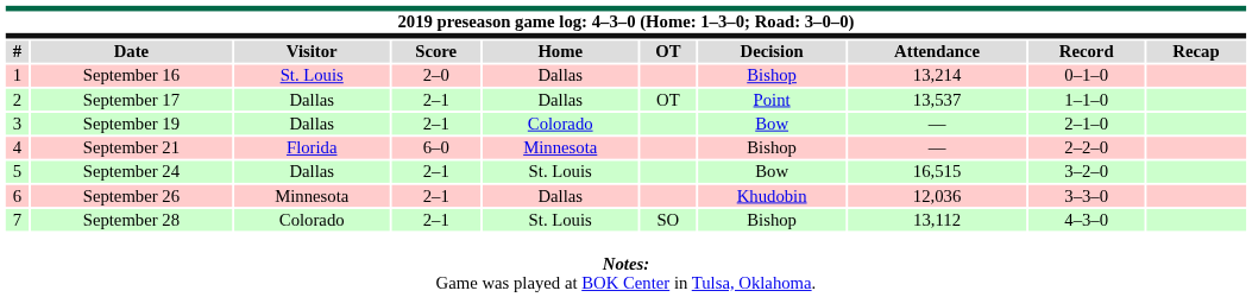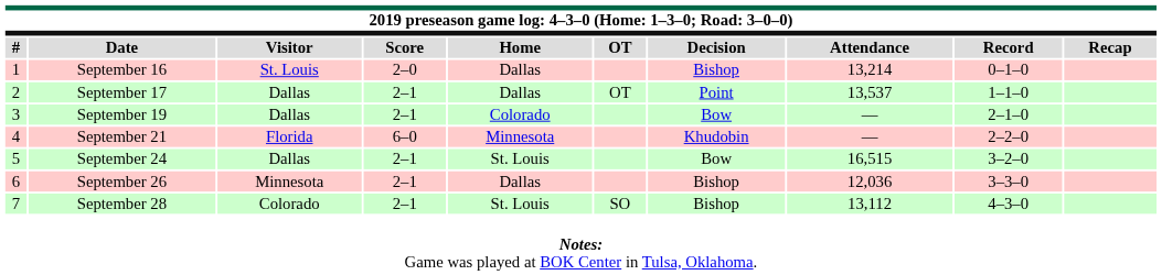 <table class="toccolours collapsible collapsed" style="width:90%; clear:both; margin:1.5em auto; text-align:center;">
 <tr>
 <th colspan="10" style="background:#FFFFFF; border-top:#006847 5px solid; border-bottom:#111111 5px solid;">2019 preseason game log: 4–3–0 (Home: 1–3–0; Road: 3–0–0)</th>
 </tr>
 <tr style="background:#ddd;">
 <th>#</th>
 <th>Date</th>
 <th>Visitor</th>
 <th>Score</th>
 <th>Home</th>
 <th>OT</th>
 <th>Decision</th>
 <th>Attendance</th>
 <th>Record</th>
 <th>Recap</th>
 </tr>
 <tr style="background:#fcc;">
 <td>1</td>
 <td>September 16</td>
 <td><a href='#'>St. Louis</a></td>
 <td>2–0</td>
 <td>Dallas</td>
 <td></td>
 <td><a href='#'>Bishop</a></td>
 <td>13,214</td>
 <td>0–1–0</td>
 <td></td>
 </tr>
 <tr style="background:#cfc;">
 <td>2</td>
 <td>September 17</td>
 <td>Dallas</td>
 <td>2–1</td>
 <td>Dallas</td>
 <td>OT</td>
 <td><a href='#'>Point</a></td>
 <td>13,537</td>
 <td>1–1–0</td>
 <td></td>
 </tr>
 <tr style="background:#cfc;">
 <td>3</td>
 <td>September 19</td>
 <td>Dallas</td>
 <td>2–1</td>
 <td><a href='#'>Colorado</a></td>
 <td></td>
 <td><a href='#'>Bow</a></td>
 <td>—</td>
 <td>2–1–0</td>
 <td></td>
 </tr>
 <tr style="background:#fcc;">
 <td>4 </td>
 <td>September 21</td>
 <td><a href='#'>Florida</a></td>
 <td>6–0</td>
 <td><a href='#'>Minnesota</a></td>
 <td></td>
-<td>Bishop</td>
+<td><a href='#'>Khudobin</a></td>
 <td>—</td>
 <td>2–2–0</td>
 <td></td>
 </tr>
 <tr style="background:#cfc;">
 <td>5</td>
 <td>September 24</td>
 <td>Dallas</td>
 <td>2–1</td>
 <td>St. Louis</td>
 <td></td>
 <td>Bow</td>
 <td>16,515</td>
 <td>3–2–0</td>
 <td></td>
 </tr>
 <tr style="background:#fcc;">
 <td>6</td>
 <td>September 26</td>
 <td>Minnesota</td>
 <td>2–1</td>
 <td>Dallas</td>
 <td></td>
-<td><a href='#'>Khudobin</a></td>
+<td>Bishop</td>
 <td>12,036</td>
 <td>3–3–0</td>
 <td></td>
 </tr>
 <tr style="background:#cfc;">
 <td>7</td>
 <td>September 28</td>
 <td>Colorado</td>
 <td>2–1</td>
 <td>St. Louis</td>
 <td>SO</td>
 <td>Bishop</td>
 <td>13,112</td>
 <td>4–3–0</td>
 <td></td>
 </tr>
 <tr>
 <td colspan="10" style="text-align:center;"><br><strong><em>Notes:</em></strong><br>  Game was played at <a href='#'>BOK Center</a> in <a href='#'>Tulsa, Oklahoma</a>.<br></td>
 </tr>
 </table>
